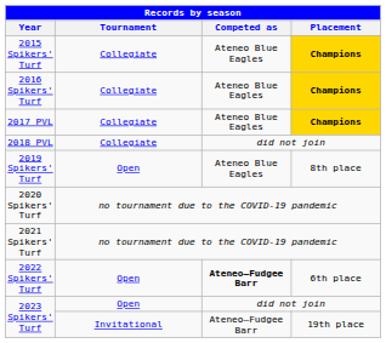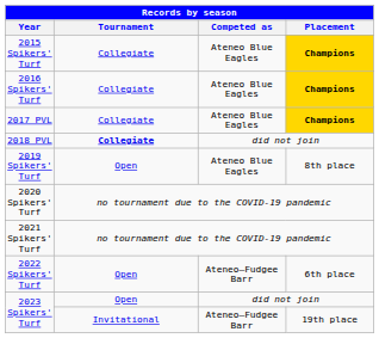 <table class="wikitable sortable" style="font-size:95%; text-align:left;">
 <tr>
 <th colspan="5" style= "background: blue; color: white; text-align: center"><strong>Records by season</strong></th>
 </tr>
 <tr style="background: white; color: blue">
 <th style= "align=center; width:1em;">Year</th>
 <th style= "align=center;width:15em;">Tournament</th>
 <th style= "align=center; width:9em;">Competed as</th>
 <th style= "align=center; width:9em;">Placement</th>
 </tr>
 <tr align=center>
 <td><a href='#'>2015 Spikers' Turf</a></td>
 <td><a href='#'>Collegiate</a></td>
 <td>Ateneo Blue Eagles</td>
 <td style="background:gold;"><strong>Champions</strong></td>
 </tr>
 <tr align=center>
 <td><a href='#'>2016 Spikers' Turf</a></td>
 <td><a href='#'>Collegiate</a></td>
 <td>Ateneo Blue Eagles</td>
 <td style="background:gold;"><strong>Champions</strong></td>
 </tr>
 <tr align=center>
 <td><a href='#'>2017 PVL</a></td>
 <td><a href='#'>Collegiate</a></td>
 <td>Ateneo Blue Eagles</td>
 <td style="background:gold;"><strong>Champions</strong></td>
 </tr>
 <tr align=center>
 <td><a href='#'>2018 PVL</a></td>
-<td><a href='#'>Collegiate</a></td>
+<td><strong><a href='#'>Collegiate</a></strong></td>
 <td colspan=2><em>did not join</em></td>
 </tr>
 <tr align=center>
 <td><a href='#'>2019 Spikers' Turf</a></td>
 <td><a href='#'>Open</a></td>
 <td>Ateneo Blue Eagles</td>
 <td>8th place</td>
 </tr>
 <tr align=center>
 <td>2020 Spikers' Turf</td>
 <td colspan=4><em>no tournament due to the COVID-19 pandemic</em></td>
 </tr>
 <tr align=center>
 <td>2021 Spikers' Turf</td>
 <td colspan=4><em>no tournament due to the COVID-19 pandemic</em></td>
 </tr>
 <tr align=center>
 <td><a href='#'>2022 Spikers' Turf</a></td>
 <td><a href='#'>Open</a></td>
-<td><strong>Ateneo–Fudgee Barr</strong></td>
+<td>Ateneo–Fudgee Barr</td>
 <td>6th place</td>
 </tr>
 <tr align=center>
 <td rowspan=2><a href='#'>2023 Spikers' Turf</a></td>
 <td><a href='#'>Open</a></td>
 <td colspan=2><em>did not join</em></td>
 </tr>
 <tr align=center>
 <td><a href='#'>Invitational</a></td>
 <td>Ateneo–Fudgee Barr</td>
 <td>19th place</td>
 </tr>
 </table>
